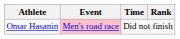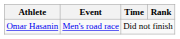 <table class="wikitable" style="font-size:90%;">
 <tr>
 <th>Athlete</th>
 <th>Event</th>
 <th>Time</th>
 <th>Rank</th>
 </tr>
 <tr align=center>
 <td align=left><a href='#'>Omar Hasanin</a></td>
-<td align=left style="background: pink;"><a href='#'>Men's road race</a></td>
+<td align=left><a href='#'>Men's road race</a></td>
 <td colspan=2>Did not finish</td>
 </tr>
 </table>
